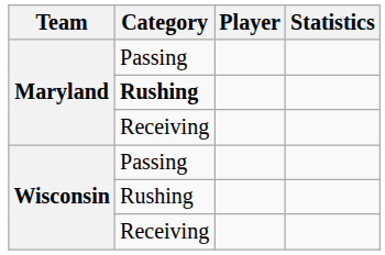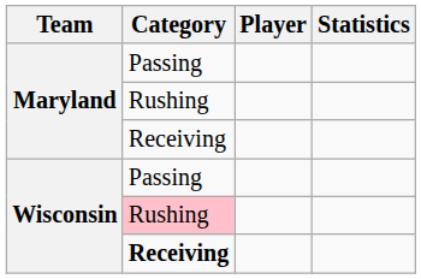 <table class="wikitable" style="float:right">
 <tr>
 <th>Team</th>
 <th>Category</th>
 <th>Player</th>
 <th>Statistics</th>
 </tr>
 <tr>
 <th rowspan=3>Maryland</th>
 <td>Passing</td>
 <td></td>
 <td></td>
 </tr>
 <tr>
-<td><strong>Rushing</strong></td>
+<td>Rushing</td>
 <td></td>
 <td></td>
 </tr>
 <tr>
 <td>Receiving</td>
 <td></td>
 <td></td>
 </tr>
 <tr>
 <th rowspan=3>Wisconsin</th>
 <td>Passing</td>
 <td></td>
 <td></td>
 </tr>
 <tr>
-<td>Rushing</td>
+<td style="background: pink;">Rushing</td>
 <td></td>
 <td></td>
 </tr>
 <tr>
-<td>Receiving</td>
+<td><strong>Receiving</strong></td>
 <td></td>
 <td></td>
 </tr>
 </table>
